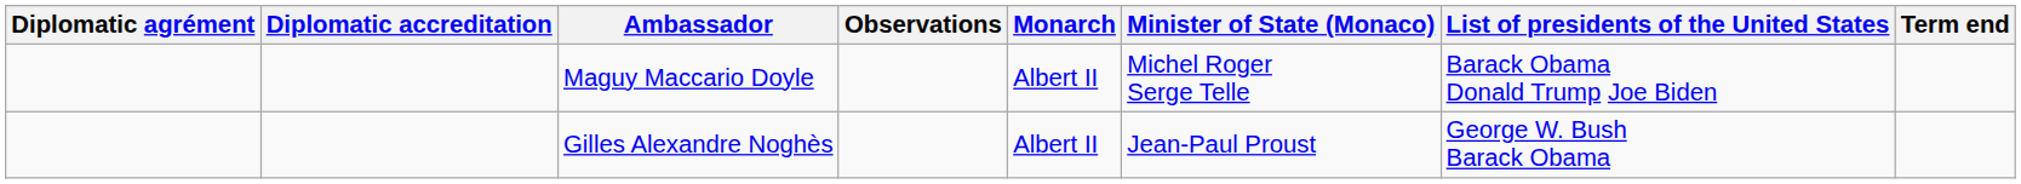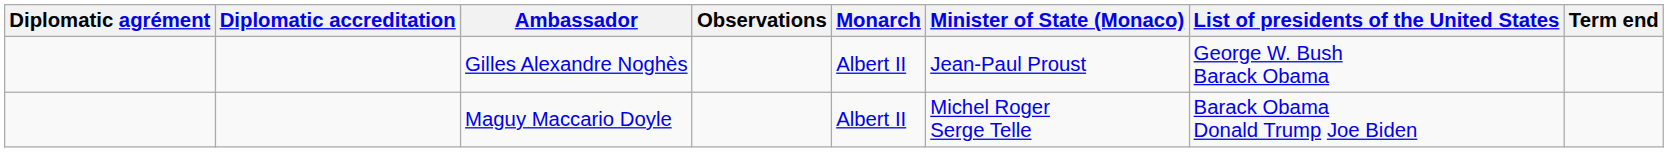 <table class="wikitable sortable">
 <tr>
 <th>Diplomatic <a href='#'>agrément</a></th>
 <th><a href='#'>Diplomatic accreditation</a></th>
 <th><a href='#'>Ambassador</a></th>
 <th>Observations</th>
 <th><a href='#'>Monarch</a></th>
 <th><a href='#'>Minister of State (Monaco)</a></th>
 <th><a href='#'>List of presidents of the United States</a></th>
 <th>Term end</th>
 </tr>
 <tr>
 <td></td>
 <td></td>
+<td><a href='#'>Gilles Alexandre Noghès</a></td>
+<td></td>
+<td><a href='#'>Albert II</a></td>
+<td><a href='#'>Jean-Paul Proust</a></td>
+<td><a href='#'>George W. Bush</a><br><a href='#'>Barack Obama</a></td>
+<td></td>
+</tr>
+<tr>
+<td></td>
+<td></td>
 <td><a href='#'>Maguy Maccario Doyle</a></td>
 <td></td>
 <td><a href='#'>Albert II</a></td>
 <td><a href='#'>Michel Roger</a><br><a href='#'>Serge Telle</a></td>
 <td><a href='#'>Barack Obama</a><br><a href='#'>Donald Trump</a> <a href='#'>Joe Biden</a></td>
 <td></td>
 </tr>
-<tr>
-<td></td>
-<td></td>
-<td><a href='#'>Gilles Alexandre Noghès</a></td>
-<td></td>
-<td><a href='#'>Albert II</a></td>
-<td><a href='#'>Jean-Paul Proust</a></td>
-<td><a href='#'>George W. Bush</a><br><a href='#'>Barack Obama</a></td>
-<td></td>
-</tr>
 </table>
